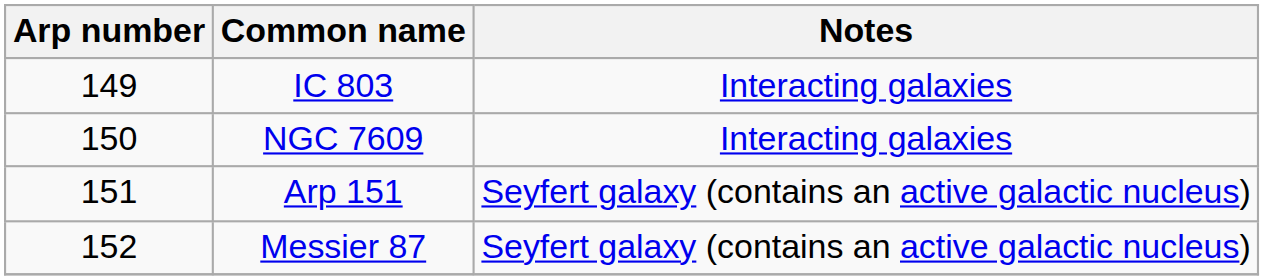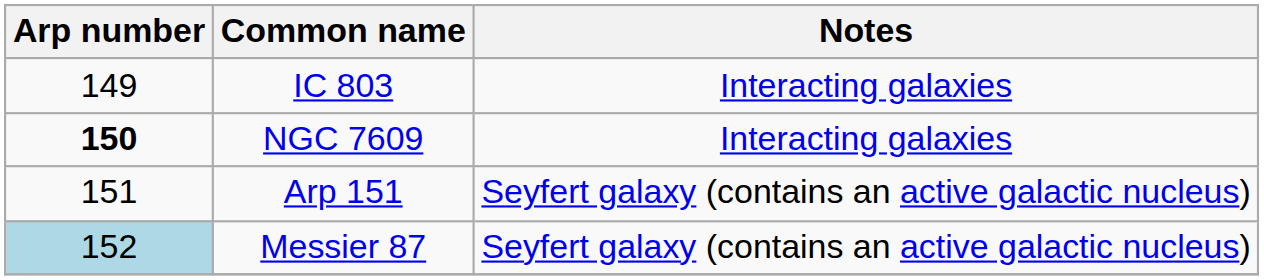 <table class="wikitable" style="text-align:center;">
 <tr>
 <th>Arp number</th>
 <th>Common name</th>
 <th>Notes</th>
 </tr>
 <tr>
 <td>149</td>
 <td><a href='#'>IC 803</a></td>
 <td><a href='#'>Interacting galaxies</a></td>
 </tr>
 <tr>
-<td>150</td>
+<td><strong>150</strong></td>
 <td><a href='#'>NGC 7609</a></td>
 <td><a href='#'>Interacting galaxies</a></td>
 </tr>
 <tr>
 <td>151</td>
 <td><a href='#'>Arp 151</a></td>
 <td><a href='#'>Seyfert galaxy</a> (contains an <a href='#'>active galactic nucleus</a>)</td>
 </tr>
 <tr>
-<td>152</td>
+<td style="background: lightblue;">152</td>
 <td><a href='#'>Messier 87</a></td>
 <td><a href='#'>Seyfert galaxy</a> (contains an <a href='#'>active galactic nucleus</a>)</td>
 </tr>
 <tr>
 </tr>
 </table>
